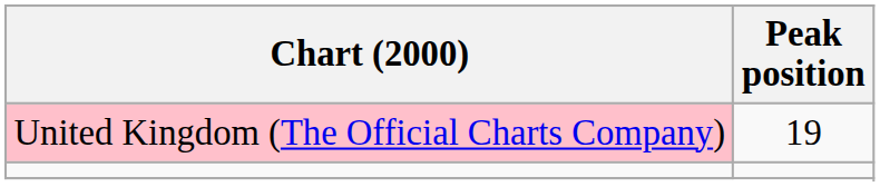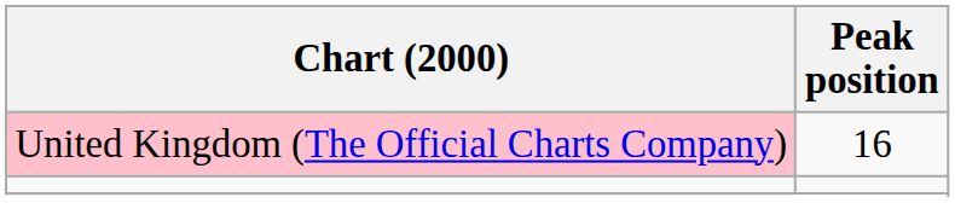 <table class="wikitable sortable">
 <tr>
 <th>Chart (2000)</th>
 <th>Peak<br>position</th>
 </tr>
 <tr>
 <td style="background: pink;">United Kingdom (<a href='#'>The Official Charts Company</a>)</td>
-<td align="center">19</td>
+<td align="center">16</td>
 </tr>
 <tr>
 <td></td>
 </tr>
 <tr>
 </tr>
 </table>
